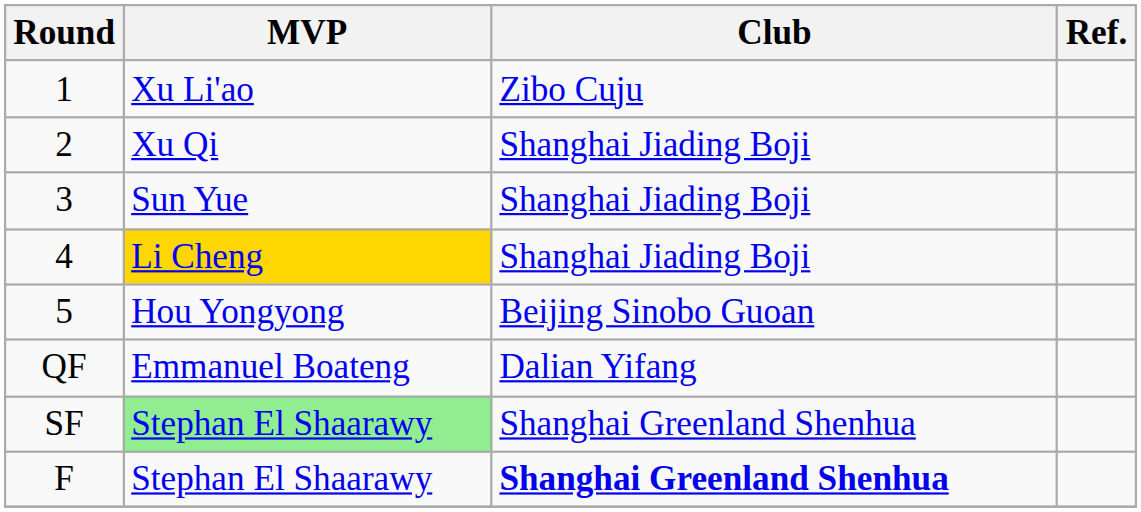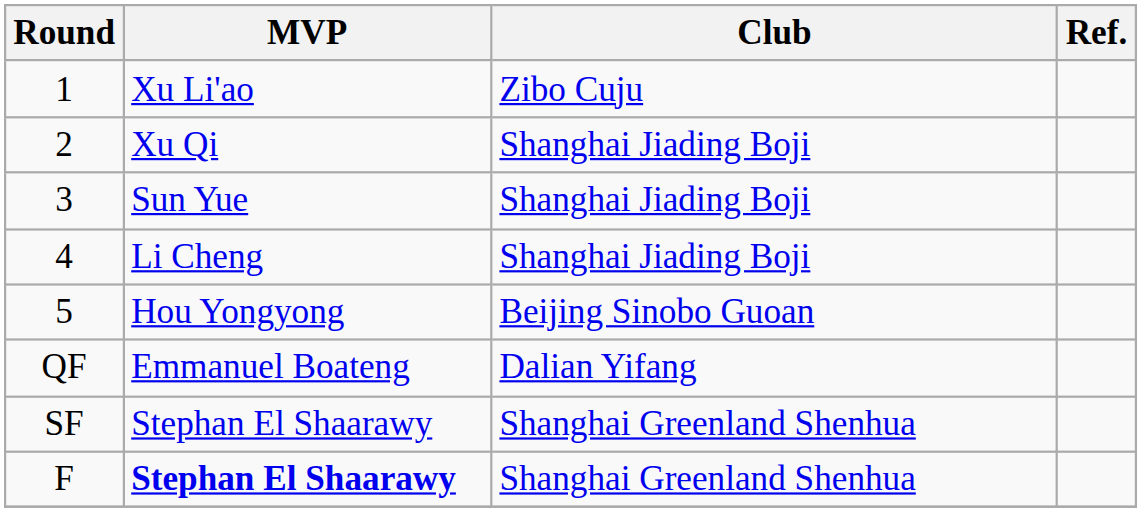 <table class="wikitable">
 <tr>
 <th style="width:25px;">Round</th>
 <th style="width:160px;">MVP</th>
 <th style="width:250px;">Club</th>
 <th style="width:25px;">Ref.</th>
 </tr>
 <tr>
 <td align=center>1</td>
 <td> <a href='#'>Xu Li'ao</a></td>
 <td><a href='#'>Zibo Cuju</a></td>
 <td></td>
 </tr>
 <tr>
 <td align=center>2</td>
 <td> <a href='#'>Xu Qi</a></td>
 <td><a href='#'>Shanghai Jiading Boji</a></td>
 <td></td>
 </tr>
 <tr>
 <td align=center>3</td>
 <td> <a href='#'>Sun Yue</a></td>
 <td><a href='#'>Shanghai Jiading Boji</a></td>
 <td></td>
 </tr>
 <tr>
 <td align=center>4</td>
-<td style="background: gold;"> <a href='#'>Li Cheng</a></td>
+<td> <a href='#'>Li Cheng</a></td>
 <td><a href='#'>Shanghai Jiading Boji</a></td>
 <td></td>
 </tr>
 <tr>
 <td align=center>5</td>
 <td> <a href='#'>Hou Yongyong</a></td>
 <td><a href='#'>Beijing Sinobo Guoan</a></td>
 <td></td>
 </tr>
 <tr>
 <td align=center>QF</td>
 <td> <a href='#'>Emmanuel Boateng</a></td>
 <td><a href='#'>Dalian Yifang</a></td>
 <td></td>
 </tr>
 <tr>
 <td align=center>SF</td>
-<td style="background: lightgreen;"> <a href='#'>Stephan El Shaarawy</a></td>
+<td> <a href='#'>Stephan El Shaarawy</a></td>
 <td><a href='#'>Shanghai Greenland Shenhua</a></td>
 <td></td>
 </tr>
 <tr>
 <td align=center>F</td>
-<td> <a href='#'>Stephan El Shaarawy</a></td>
-<td><strong><a href='#'>Shanghai Greenland Shenhua</a></strong></td>
+<td><strong> <a href='#'>Stephan El Shaarawy</a></strong></td>
+<td><a href='#'>Shanghai Greenland Shenhua</a></td>
 <td></td>
 </tr>
 <tr>
 </tr>
 </table>
